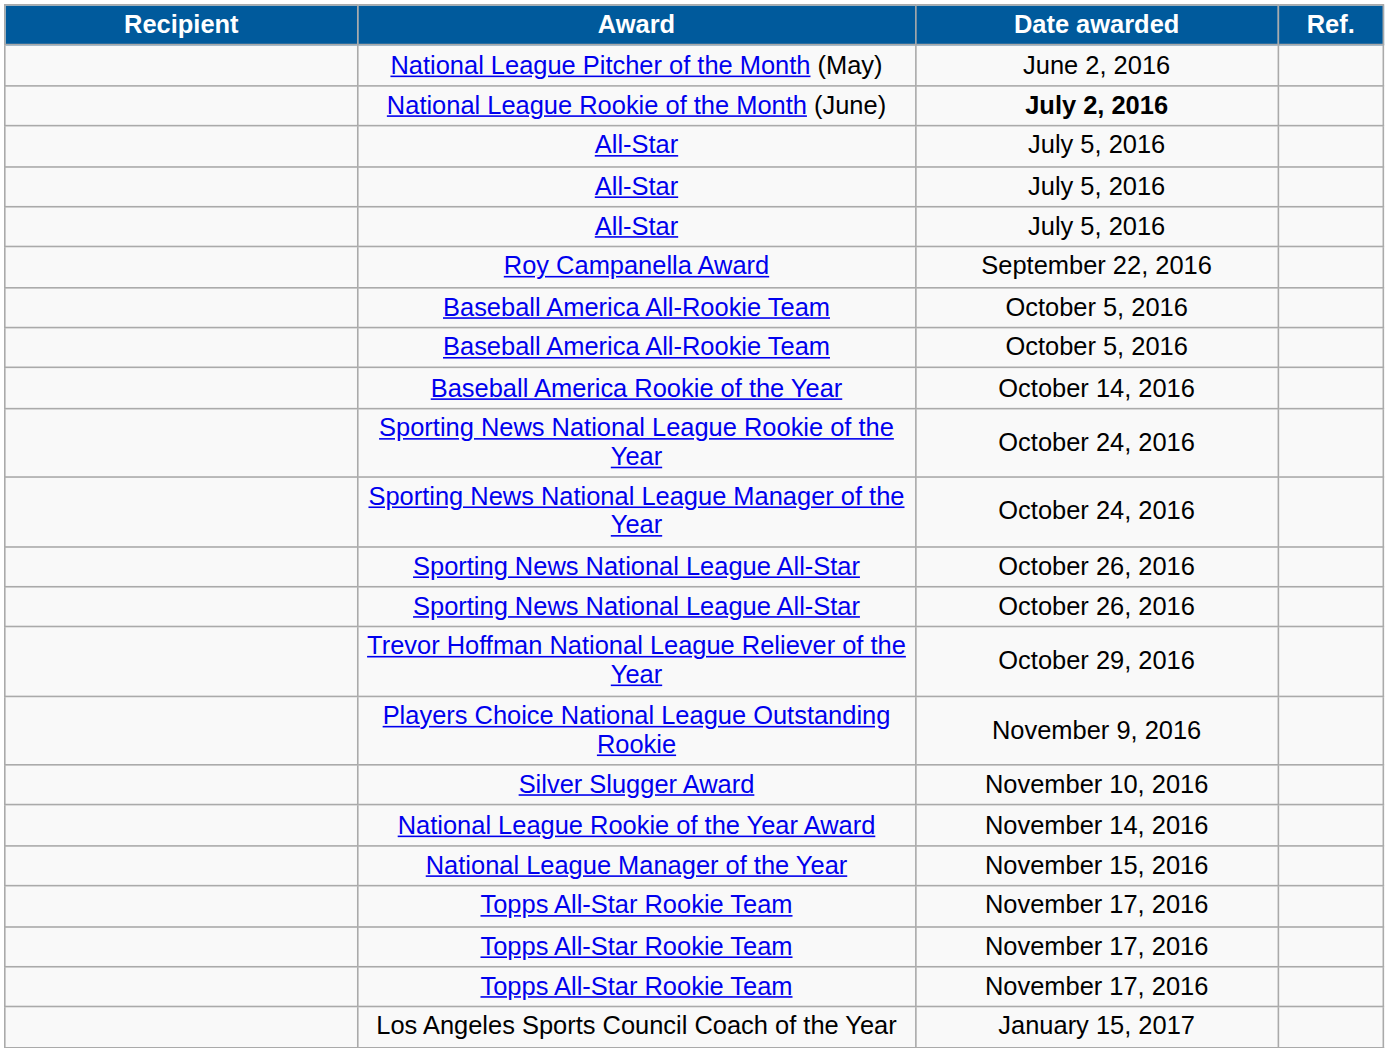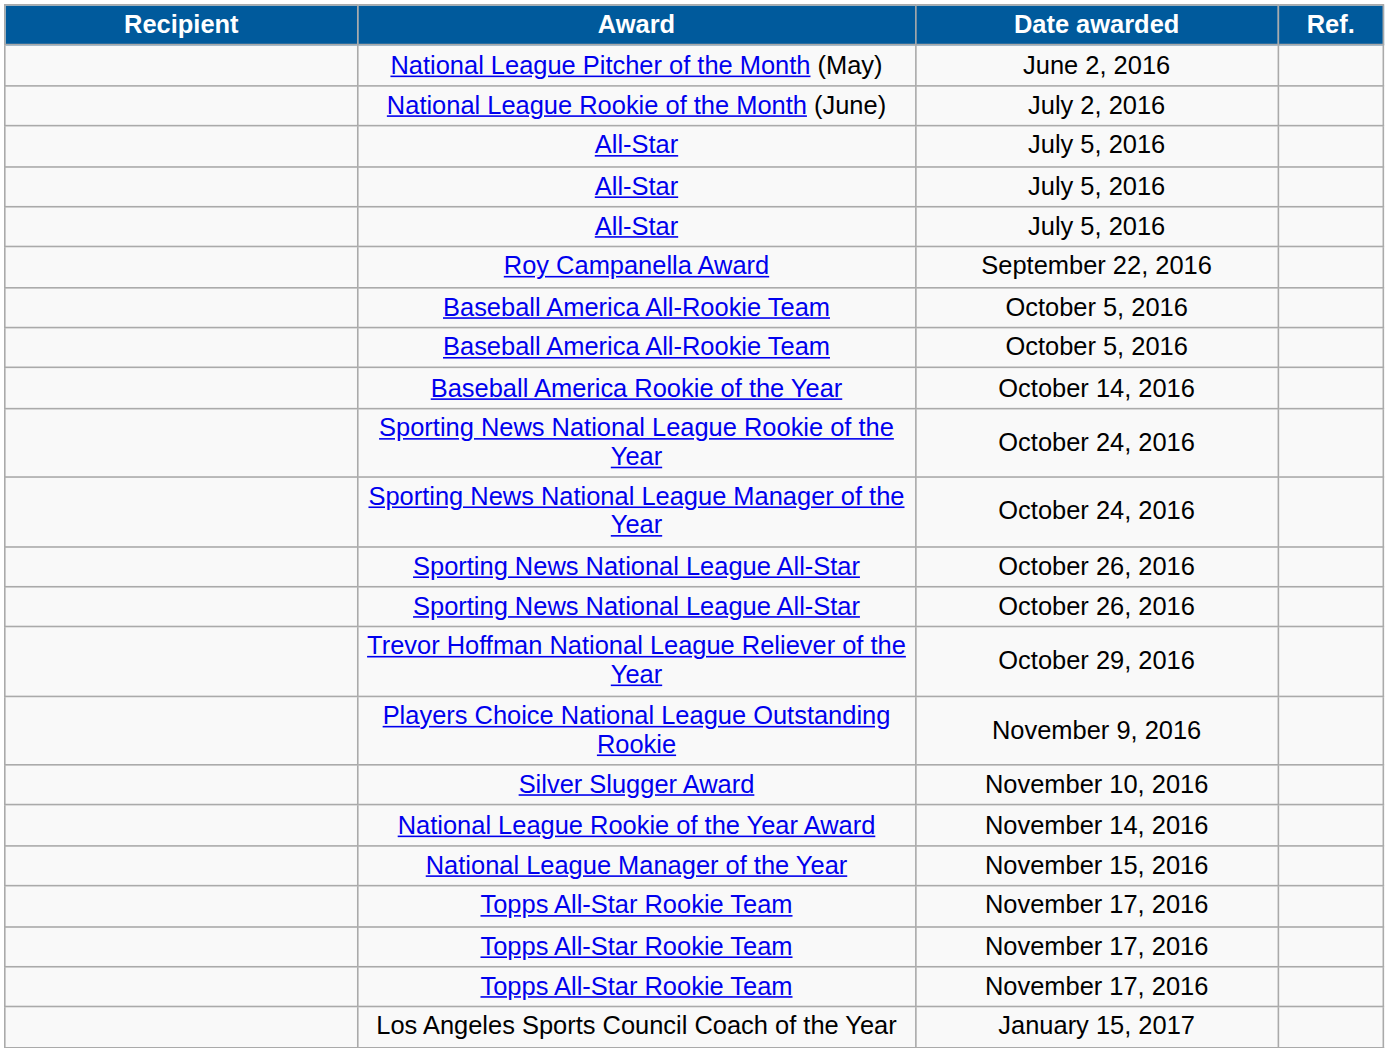 <table class="wikitable sortable collapsible" style="text-align:center">
 <tr>
 <th style="background:#005A9C; color:#FFF" width="5%">Recipient</th>
 <th style="background:#005A9C; color:#FFF" width="9%">Award</th>
 <th style="background:#005A9C; color:#FFF" width="5%">Date awarded</th>
 <th style="background:#005A9C; color:#FFF" width="1%" class="unsortable">Ref.</th>
 </tr>
 <tr>
 <td></td>
 <td><a href='#'>National League Pitcher of the Month</a> (May)</td>
 <td>June 2, 2016</td>
 <td></td>
 </tr>
 <tr>
 <td></td>
 <td><a href='#'>National League Rookie of the Month</a> (June)</td>
-<td><strong>July 2, 2016</strong></td>
+<td>July 2, 2016</td>
 <td></td>
 </tr>
 <tr>
 <td></td>
 <td><a href='#'>All-Star</a></td>
 <td>July 5, 2016</td>
 <td></td>
 </tr>
 <tr>
 <td></td>
 <td><a href='#'>All-Star</a></td>
 <td>July 5, 2016</td>
 <td></td>
 </tr>
 <tr>
 <td></td>
 <td><a href='#'>All-Star</a></td>
 <td>July 5, 2016</td>
 <td></td>
 </tr>
 <tr>
 <td></td>
 <td><a href='#'>Roy Campanella Award</a></td>
 <td>September 22, 2016</td>
 <td></td>
 </tr>
 <tr>
 <td></td>
 <td><a href='#'>Baseball America All-Rookie Team</a></td>
 <td>October 5, 2016</td>
 <td></td>
 </tr>
 <tr>
 <td></td>
 <td><a href='#'>Baseball America All-Rookie Team</a></td>
 <td>October 5, 2016</td>
 <td></td>
 </tr>
 <tr>
 <td></td>
 <td><a href='#'>Baseball America Rookie of the Year</a></td>
 <td>October 14, 2016</td>
 <td></td>
 </tr>
 <tr>
 <td></td>
 <td><a href='#'>Sporting News National League Rookie of the Year</a></td>
 <td>October 24, 2016</td>
 <td></td>
 </tr>
 <tr>
 <td></td>
 <td><a href='#'>Sporting News National League Manager of the Year</a></td>
 <td>October 24, 2016</td>
 <td></td>
 </tr>
 <tr>
 <td></td>
 <td><a href='#'>Sporting News National League All-Star</a></td>
 <td>October 26, 2016</td>
 <td></td>
 </tr>
 <tr>
 <td></td>
 <td><a href='#'>Sporting News National League All-Star</a></td>
 <td>October 26, 2016</td>
 <td></td>
 </tr>
 <tr>
 <td></td>
 <td><a href='#'>Trevor Hoffman National League Reliever of the Year</a></td>
 <td>October 29, 2016</td>
 <td></td>
 </tr>
 <tr>
 <td></td>
 <td><a href='#'>Players Choice National League Outstanding Rookie</a></td>
 <td>November 9, 2016</td>
 <td></td>
 </tr>
 <tr>
 <td></td>
 <td><a href='#'>Silver Slugger Award</a></td>
 <td>November 10, 2016</td>
 <td></td>
 </tr>
 <tr>
 <td></td>
 <td><a href='#'>National League Rookie of the Year Award</a></td>
 <td>November 14, 2016</td>
 <td></td>
 </tr>
 <tr>
 <td></td>
 <td><a href='#'>National League Manager of the Year</a></td>
 <td>November 15, 2016</td>
 <td></td>
 </tr>
 <tr>
 <td></td>
 <td><a href='#'>Topps All-Star Rookie Team</a></td>
 <td>November 17, 2016</td>
 <td></td>
 </tr>
 <tr>
 <td></td>
 <td><a href='#'>Topps All-Star Rookie Team</a></td>
 <td>November 17, 2016</td>
 <td></td>
 </tr>
 <tr>
 <td></td>
 <td><a href='#'>Topps All-Star Rookie Team</a></td>
 <td>November 17, 2016</td>
 <td></td>
 </tr>
 <tr>
 <td></td>
 <td>Los Angeles Sports Council Coach of the Year</td>
 <td>January 15, 2017</td>
 <td></td>
 </tr>
 <tr>
 </tr>
 </table>
